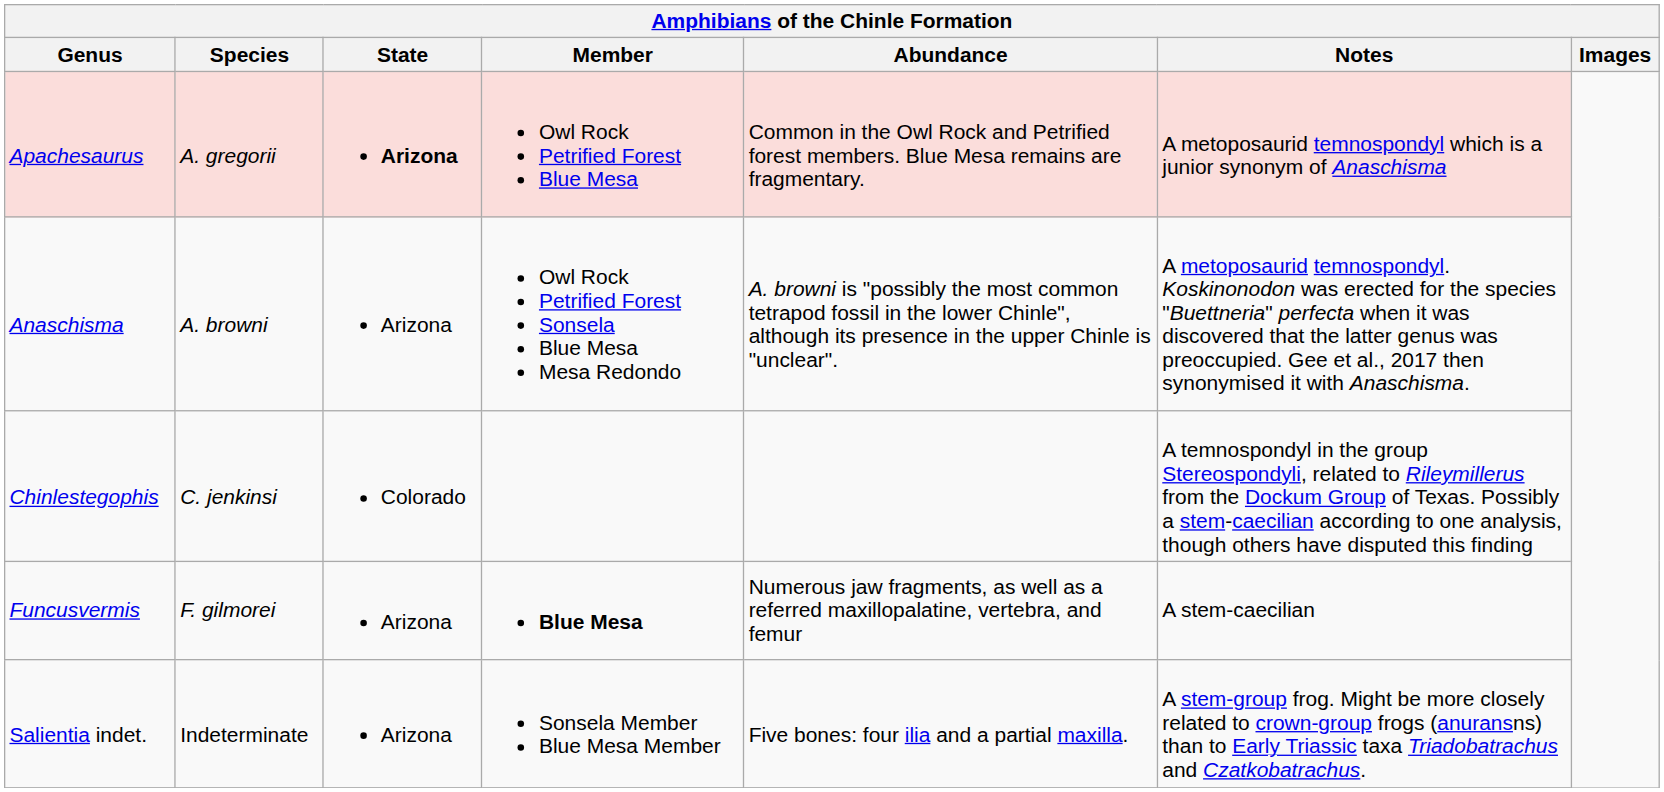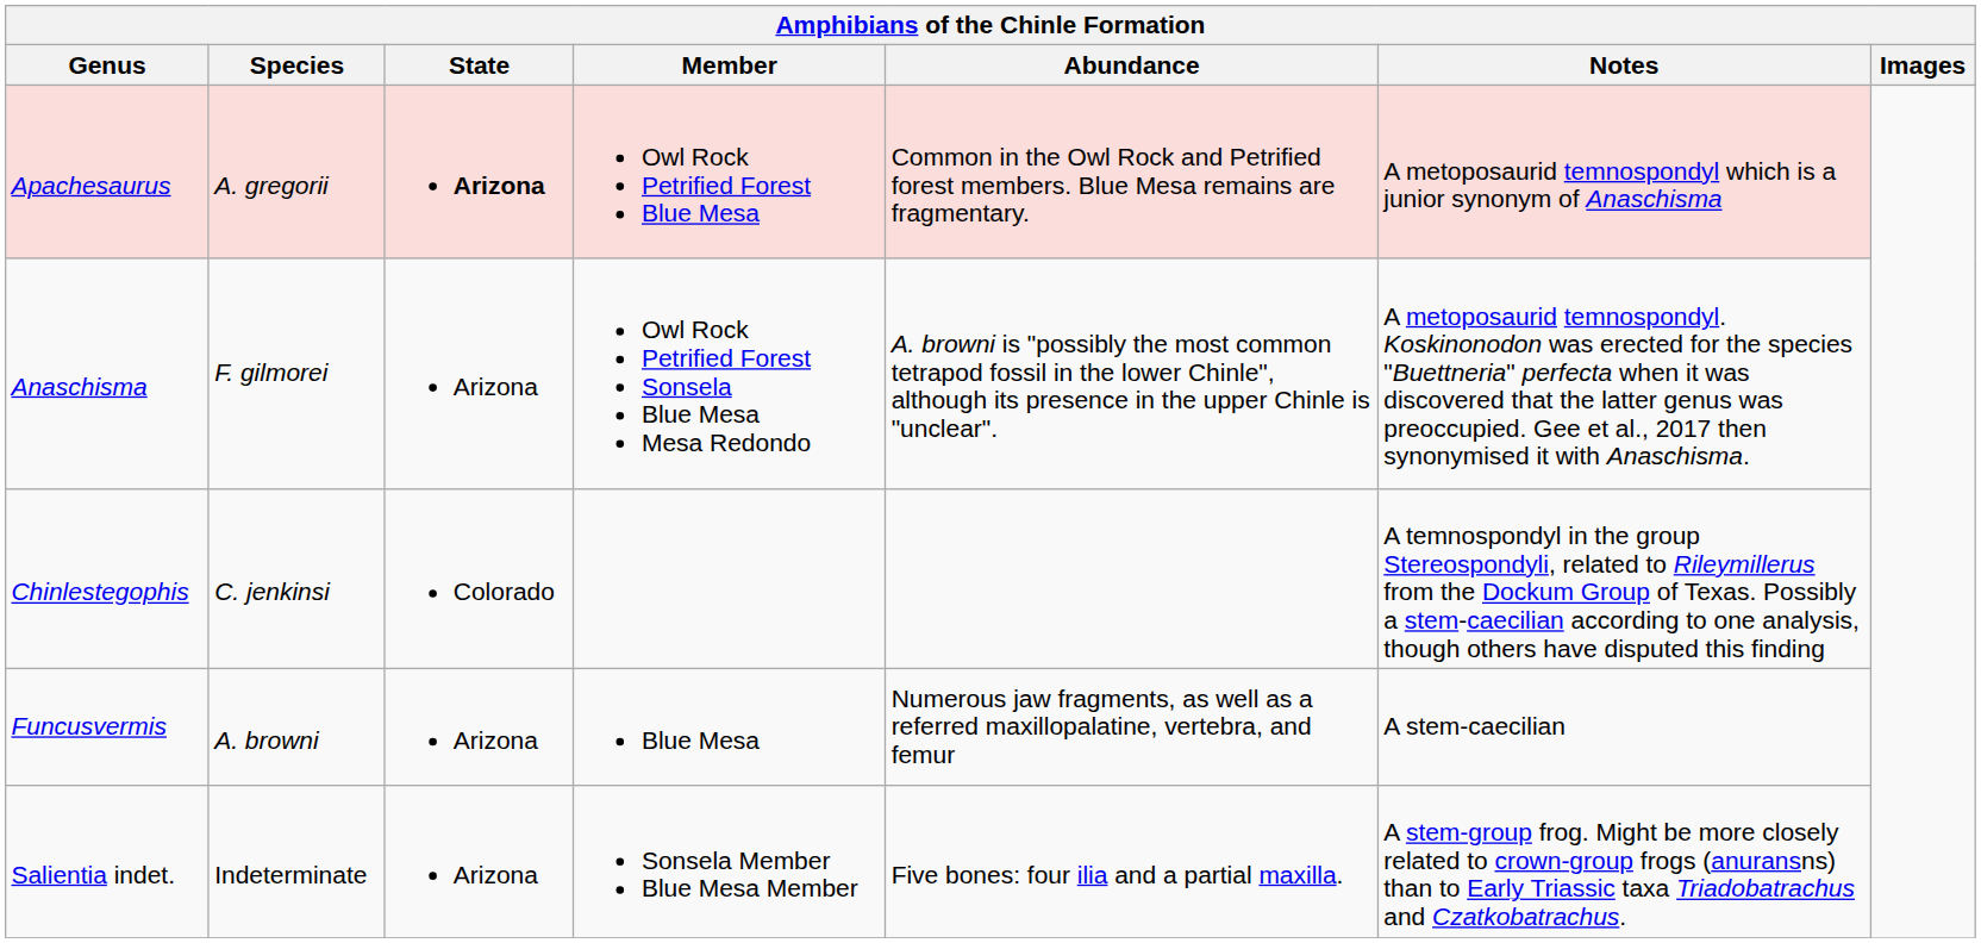 <table class="wikitable" align="center" width="100%">
 <tr>
 <th colspan="7" align="center"><strong><a href='#'>Amphibians</a> of the Chinle Formation</strong></th>
 </tr>
 <tr>
 <th>Genus</th>
 <th>Species</th>
 <th>State</th>
 <th>Member</th>
 <th width="25%">Abundance</th>
 <th width="25%">Notes</th>
 <th>Images</th>
 </tr>
 <tr>
 <td style="background:#fbdddb;"><br><em><a href='#'>Apachesaurus</a></em></td>
 <td style="background:#fbdddb;"><br><em>A. gregorii</em></td>
 <td style="background:#fbdddb;"><strong><br><ul><li>Arizona</li></ul></strong></td>
 <td style="background:#fbdddb;"><br><ul><li>Owl Rock</li><li><a href='#'>Petrified Forest</a></li><li><a href='#'>Blue Mesa</a></li></ul></td>
 <td style="background:#fbdddb;"><br>Common in the Owl Rock and Petrified forest members. Blue Mesa remains are fragmentary.</td>
 <td style="background:#fbdddb;"><br>A metoposaurid <a href='#'>temnospondyl</a> which is a junior synonym of <em><a href='#'>Anaschisma</a></em></td>
 <td rowspan="104"><br> </td>
 </tr>
 <tr>
 <td><br><em><a href='#'>Anaschisma</a></em></td>
-<td><br><em>A. browni</em></td>
+<td><em>F. gilmorei</em></td>
 <td><br><ul><li>Arizona</li></ul></td>
 <td><br><ul><li>Owl Rock</li><li><a href='#'>Petrified Forest</a></li><li><a href='#'>Sonsela</a></li><li>Blue Mesa</li><li>Mesa Redondo</li></ul></td>
 <td><br><em>A. browni</em> is "possibly the most common tetrapod fossil in the lower Chinle", although its presence in the upper Chinle is "unclear".</td>
 <td><br>A <a href='#'>metoposaurid</a> <a href='#'>temnospondyl</a>. <em>Koskinonodon</em> was erected for the species "<em>Buettneria</em>" <em>perfecta</em> when it was discovered that the latter genus was preoccupied. Gee et al., 2017 then synonymised it with <em>Anaschisma</em>.</td>
 </tr>
 <tr>
 <td><br><em><a href='#'>Chinlestegophis</a></em></td>
 <td><br><em>C. jenkinsi</em></td>
 <td><br><ul><li>Colorado</li></ul></td>
 <td></td>
 <td></td>
 <td><br>A temnospondyl in the group <a href='#'>Stereospondyli</a>, related to <em><a href='#'>Rileymillerus</a></em> from the <a href='#'>Dockum Group</a> of Texas. Possibly a <a href='#'>stem</a>-<a href='#'>caecilian</a> according to one analysis, though others have disputed this finding</td>
 </tr>
 <tr>
 <td><em><a href='#'>Funcusvermis</a></em></td>
-<td><em>F. gilmorei</em></td>
+<td><br><em>A. browni</em></td>
 <td><br><ul><li>Arizona</li></ul></td>
-<td><strong><br><ul><li>Blue Mesa</li></ul></strong></td>
+<td><br><ul><li>Blue Mesa</li></ul></td>
 <td>Numerous jaw fragments, as well as a referred maxillopalatine, vertebra, and femur</td>
 <td>A stem-caecilian</td>
 </tr>
 <tr>
 <td><br><a href='#'>Salientia</a> indet.</td>
 <td><br>Indeterminate</td>
 <td><br><ul><li>Arizona</li></ul></td>
 <td><br><ul><li>Sonsela Member</li><li>Blue Mesa Member</li></ul></td>
 <td><br>Five bones: four <a href='#'>ilia</a> and a partial <a href='#'>maxilla</a>.</td>
 <td><br>A <a href='#'>stem-group</a> frog. Might be more closely related to <a href='#'>crown-group</a> frogs (<a href='#'>anurans</a>ns) than to <a href='#'>Early Triassic</a> taxa <em><a href='#'>Triadobatrachus</a></em> and <em><a href='#'>Czatkobatrachus</a></em>.</td>
 </tr>
 <tr>
 </tr>
 </table>
